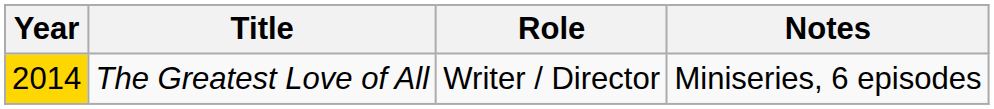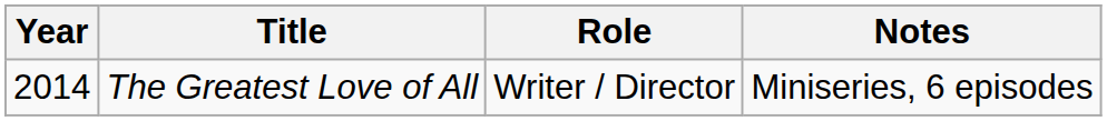 <table class=wikitable>
 <tr>
 <th>Year</th>
 <th>Title</th>
 <th>Role</th>
 <th>Notes</th>
 </tr>
 <tr>
-<td style="background: gold;">2014</td>
+<td>2014</td>
 <td><em>The Greatest Love of All</em></td>
 <td>Writer / Director</td>
 <td>Miniseries, 6 episodes</td>
 </tr>
 </table>
